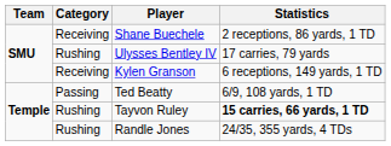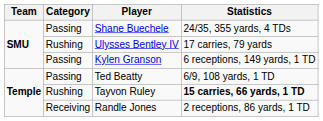 <table class="wikitable" style="float: left;">
 <tr>
 <th>Team</th>
 <th>Category</th>
 <th>Player</th>
 <th>Statistics</th>
 </tr>
 <tr>
 <td rowspan=3><strong>SMU</strong></td>
-<td>Receiving</td>
+<td>Passing</td>
 <td><a href='#'>Shane Buechele</a></td>
-<td>2 receptions, 86 yards, 1 TD</td>
+<td>24/35, 355 yards, 4 TDs</td>
 </tr>
 <tr>
 <td>Rushing</td>
 <td><a href='#'>Ulysses Bentley IV</a></td>
 <td>17 carries, 79 yards</td>
 </tr>
 <tr>
-<td>Receiving</td>
+<td>Passing</td>
 <td><a href='#'>Kylen Granson</a></td>
 <td>6 receptions, 149 yards, 1 TD</td>
 </tr>
 <tr>
 <td rowspan=3><strong>Temple</strong></td>
 <td>Passing</td>
 <td>Ted Beatty</td>
 <td>6/9, 108 yards, 1 TD</td>
 </tr>
 <tr>
 <td>Rushing</td>
 <td>Tayvon Ruley</td>
 <td><strong>15 carries, 66 yards, 1 TD</strong></td>
 </tr>
 <tr>
-<td>Rushing</td>
+<td>Receiving</td>
 <td>Randle Jones</td>
-<td>24/35, 355 yards, 4 TDs</td>
+<td>2 receptions, 86 yards, 1 TD</td>
 </tr>
 </table>
